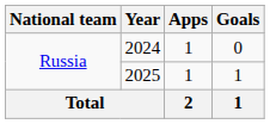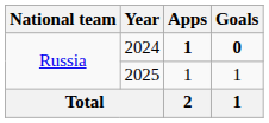 <table class=wikitable style=text-align:center>
 <tr>
 <th>National team</th>
 <th>Year</th>
 <th>Apps</th>
 <th>Goals</th>
 </tr>
 <tr>
 <td rowspan="2"><a href='#'>Russia</a></td>
 <td>2024</td>
-<td>1</td>
-<td>0</td>
+<td><strong>1</strong></td>
+<td><strong>0</strong></td>
 </tr>
 <tr>
 <td>2025</td>
 <td>1</td>
 <td>1</td>
 </tr>
 <tr>
 <th colspan=2>Total</th>
 <th>2</th>
 <th>1</th>
 </tr>
 </table>
